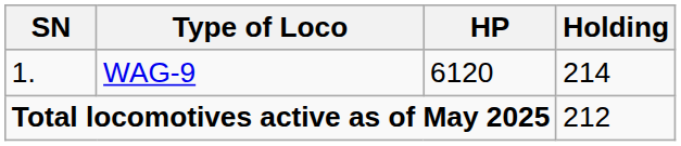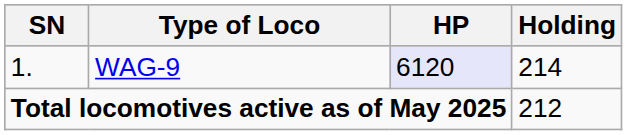 <table class="wikitable">
 <tr>
 <th>SN</th>
 <th>Type of Loco</th>
 <th>HP</th>
 <th>Holding</th>
 </tr>
 <tr>
 <td>1.</td>
 <td><a href='#'>WAG-9</a></td>
-<td>6120</td>
+<td style="background: lavender;">6120</td>
 <td>214</td>
 </tr>
 <tr>
 <td colspan="3"><strong>Total locomotives active as of May 2025</strong></td>
 <td>212</td>
 </tr>
 </table>
